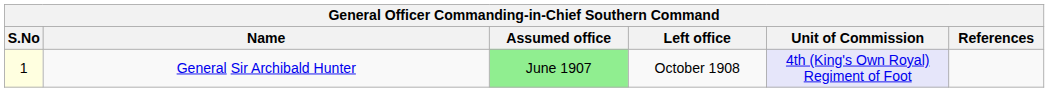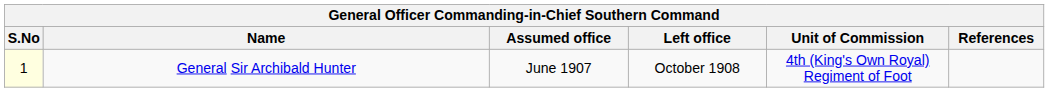 <table class="wikitable sortable" style="text-align:center">
 <tr>
 <th colspan="6"><strong>General Officer Commanding-in-Chief Southern Command</strong></th>
 </tr>
 <tr style="background:#cccccc">
 <th scope="col" style="width: 20px;">S.No</th>
 <th scope="col" style="width: 500px;">Name</th>
 <th scope="col" style="width: 150px;">Assumed office</th>
 <th scope="col" style="width: 150px;">Left office</th>
 <th scope="col" style="width: 200px;">Unit of Commission</th>
 <th scope="col" style="width: 100px;">References</th>
 </tr>
 <tr>
 <td style="background: lightyellow;">1</td>
 <td><a href='#'>General</a> <a href='#'>Sir Archibald Hunter</a> </td>
-<td style="background: lightgreen;">June 1907</td>
+<td>June 1907</td>
 <td>October 1908</td>
-<td style="background: lavender;"><a href='#'>4th (King's Own Royal) Regiment of Foot</a></td>
+<td><a href='#'>4th (King's Own Royal) Regiment of Foot</a></td>
 <td></td>
 </tr>
 </table>
